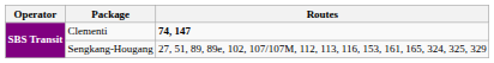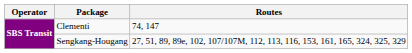 <table class="wikitable" style="font-size:85%; text-align: left">
 <tr>
 <th>Operator</th>
 <th>Package</th>
 <th>Routes</th>
 </tr>
 <tr>
 <td rowspan=2 style="background-color:#800080; color: white"><strong>SBS Transit</strong></td>
 <td>Clementi</td>
-<td><strong>74, 147</strong></td>
+<td>74, 147</td>
 </tr>
 <tr>
 <td>Sengkang-Hougang</td>
 <td>27, 51, 89, 89e, 102, 107/107M, 112, 113, 116, 153, 161, 165, 324, 325, 329</td>
 </tr>
 </table>
